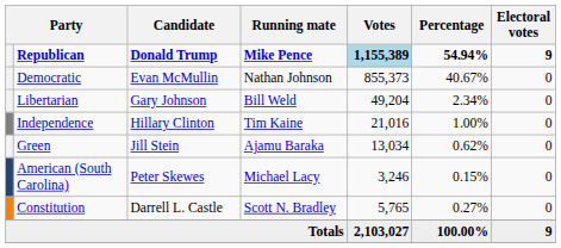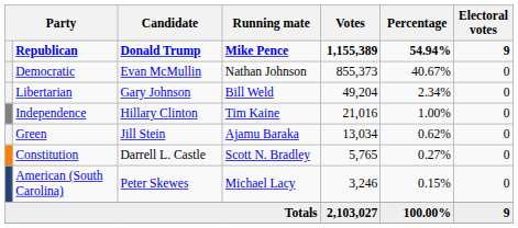 <table class="wikitable" style="font-size: 95%;">
 <tr>
 <th colspan="2" style="width: 15em">Party</th>
 <th style="width: 17em">Candidate</th>
 <th style="width: 17em">Running mate</th>
 <th style="width: 5em">Votes</th>
 <th style="width: 7em">Percentage</th>
 <th style="width: 5em">Electoral votes</th>
 </tr>
 <tr>
 <th style="background-color:"></th>
 <td style="width: 130px"><strong><a href='#'>Republican</a></strong></td>
 <td><strong><a href='#'>Donald Trump</a></strong></td>
 <td><strong><a href='#'>Mike Pence</a></strong></td>
-<td align="right" style="background: lightblue;"><strong>1,155,389</strong></td>
+<td align="right"><strong>1,155,389</strong></td>
 <td align="right"><strong>54.94%</strong></td>
 <td align="right"><strong>9</strong></td>
 </tr>
 <tr>
 <th style="background-color:"></th>
 <td style="width: 130px"><a href='#'>Democratic</a></td>
 <td><a href='#'>Evan McMullin</a></td>
 <td>Nathan Johnson</td>
 <td align="right">855,373</td>
 <td align="right">40.67%</td>
 <td align="right">0</td>
 </tr>
 <tr>
 <th style="background-color:"></th>
 <td style="width: 130px"><a href='#'>Libertarian</a></td>
 <td><a href='#'>Gary Johnson</a></td>
 <td><a href='#'>Bill Weld</a></td>
 <td align="right">49,204</td>
 <td align="right">2.34%</td>
 <td align="right">0</td>
 </tr>
 <tr>
 <th style="background-color:grey; width: 3px"></th>
 <td style="width: 130px"><a href='#'>Independence</a></td>
 <td><a href='#'>Hillary Clinton</a></td>
 <td><a href='#'>Tim Kaine</a></td>
 <td align="right">21,016</td>
 <td align="right">1.00%</td>
 <td align="right">0</td>
 </tr>
 <tr>
 <th style="background-color:"></th>
 <td style="width: 130px"><a href='#'>Green</a></td>
 <td><a href='#'>Jill Stein</a></td>
 <td><a href='#'>Ajamu Baraka</a></td>
 <td align="right">13,034</td>
 <td align="right">0.62%</td>
 <td align="right">0</td>
 </tr>
 <tr>
+<th style="background-color:#FF7F00; width: 3px"></th>
+<td style="width: 130px"><a href='#'>Constitution</a></td>
+<td>Darrell L. Castle</td>
+<td><a href='#'>Scott N. Bradley</a></td>
+<td align="right">5,765</td>
+<td align="right">0.27%</td>
+<td align="right">0</td>
+</tr>
+<tr>
 <th style="background-color:#264375; width: 3px"></th>
 <td style="width: 130px"><a href='#'>American (South Carolina)</a></td>
 <td><a href='#'>Peter Skewes</a></td>
 <td><a href='#'>Michael Lacy</a></td>
 <td align="right">3,246</td>
 <td align="right">0.15%</td>
-<td align="right">0</td>
-</tr>
-<tr>
-<th style="background-color:#FF7F00; width: 3px"></th>
-<td style="width: 130px"><a href='#'>Constitution</a></td>
-<td>Darrell L. Castle</td>
-<td><a href='#'>Scott N. Bradley</a></td>
-<td align="right">5,765</td>
-<td align="right">0.27%</td>
 <td align="right">0</td>
 </tr>
 <tr>
 </tr>
 <tr bgcolor="#EEEEEE">
 <td colspan="4" align="right"><strong>Totals</strong></td>
 <td align="right"><strong>2,103,027</strong></td>
 <td align="right"><strong>100.00%</strong></td>
 <td align="right"><strong>9</strong></td>
 </tr>
 <tr bgcolor="#EEEEEE">
 </tr>
 </table>
